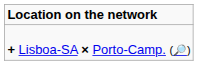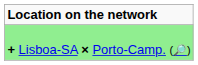 <table role="presentation" class="wikitable mw-collapsible mw-collapsed floatright">
 <tr>
 <td><strong>Location on the network</strong></td>
 </tr>
 <tr>
-<td><br><span><strong>+</strong> <a href='#'>Lisboa-SA</a></span> <span><strong>×</strong> <a href='#'>Porto-Camp.</a></span> <small>(<a href='#'>🔎</a>)</small></td>
+<td style="background: lightgreen;"><br><span><strong>+</strong> <a href='#'>Lisboa-SA</a></span> <span><strong>×</strong> <a href='#'>Porto-Camp.</a></span> <small>(<a href='#'>🔎</a>)</small></td>
 </tr>
 </table>
